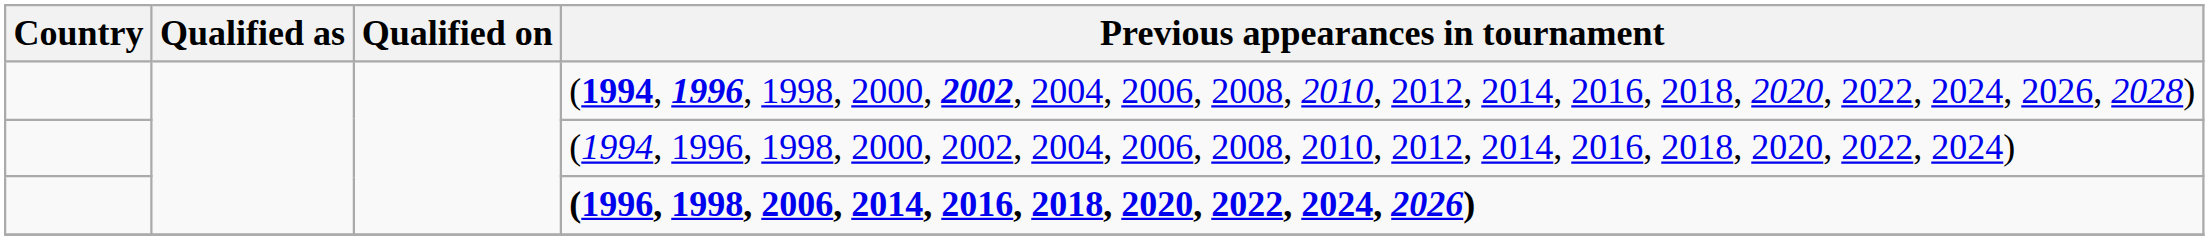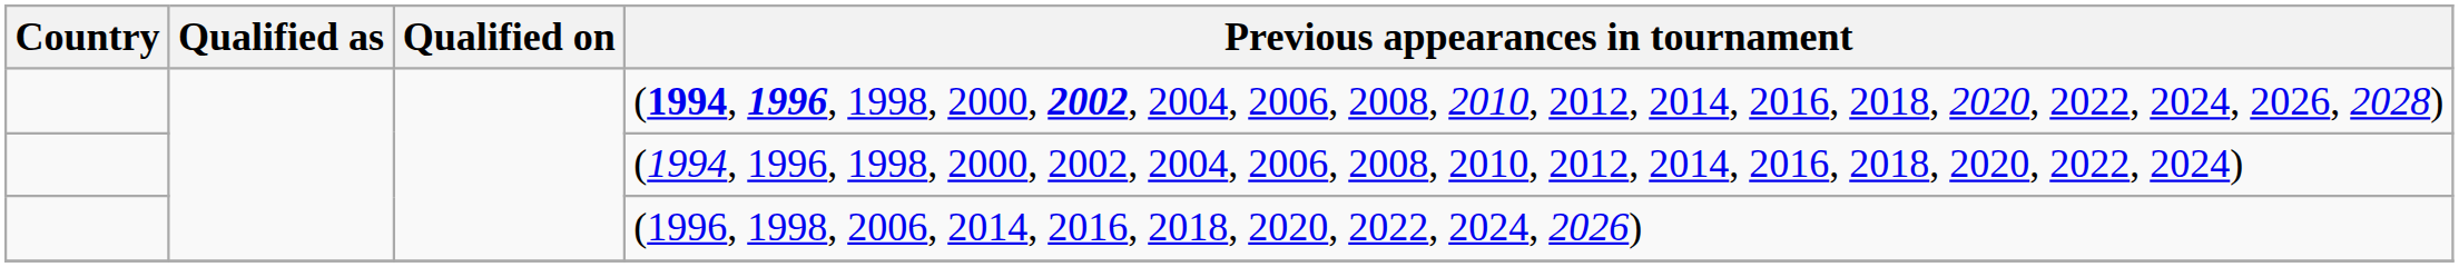 <table class="wikitable sortable">
 <tr>
 <th>Country</th>
 <th>Qualified as</th>
 <th>Qualified on</th>
 <th>Previous appearances in tournament</th>
 </tr>
 <tr>
 <td></td>
 <td rowspan=3></td>
 <td rowspan=3></td>
 <td> (<strong><a href='#'>1994</a></strong>, <strong><em><a href='#'>1996</a></em></strong>, <a href='#'>1998</a>, <a href='#'>2000</a>, <strong><em><a href='#'>2002</a></em></strong>, <a href='#'>2004</a>, <a href='#'>2006</a>, <a href='#'>2008</a>, <em><a href='#'>2010</a></em>, <a href='#'>2012</a>, <a href='#'>2014</a>, <a href='#'>2016</a>, <a href='#'>2018</a>, <em><a href='#'>2020</a></em>, <a href='#'>2022</a>, <a href='#'>2024</a>, <a href='#'>2026</a>, <em><a href='#'>2028</a></em>)</td>
 </tr>
 <tr>
 <td></td>
 <td> (<em><a href='#'>1994</a></em>, <a href='#'>1996</a>, <a href='#'>1998</a>, <a href='#'>2000</a>, <a href='#'>2002</a>, <a href='#'>2004</a>, <a href='#'>2006</a>, <a href='#'>2008</a>, <a href='#'>2010</a>, <a href='#'>2012</a>, <a href='#'>2014</a>, <a href='#'>2016</a>, <a href='#'>2018</a>, <a href='#'>2020</a>, <a href='#'>2022</a>, <a href='#'>2024</a>)</td>
 </tr>
 <tr>
 <td></td>
-<td><strong> (<a href='#'>1996</a>, <a href='#'>1998</a>, <a href='#'>2006</a>, <a href='#'>2014</a>, <a href='#'>2016</a>, <a href='#'>2018</a>, <a href='#'>2020</a>, <a href='#'>2022</a>, <a href='#'>2024</a>, <em><a href='#'>2026</a></em>)</strong></td>
+<td> (<a href='#'>1996</a>, <a href='#'>1998</a>, <a href='#'>2006</a>, <a href='#'>2014</a>, <a href='#'>2016</a>, <a href='#'>2018</a>, <a href='#'>2020</a>, <a href='#'>2022</a>, <a href='#'>2024</a>, <em><a href='#'>2026</a></em>)</td>
 </tr>
 <tr>
 </tr>
 </table>
